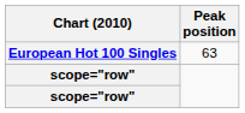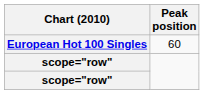 <table class="wikitable sortable plainrowheaders">
 <tr>
 <th scope="col">Chart (2010)</th>
 <th scope="col">Peak<br>position</th>
 </tr>
 <tr>
 <th scope="row"><a href='#'>European Hot 100 Singles</a></th>
-<td align="center">63</td>
+<td align="center">60</td>
 </tr>
 <tr>
 <th>scope="row"</th>
 </tr>
 <tr>
 <th>scope="row"</th>
 </tr>
 </table>
